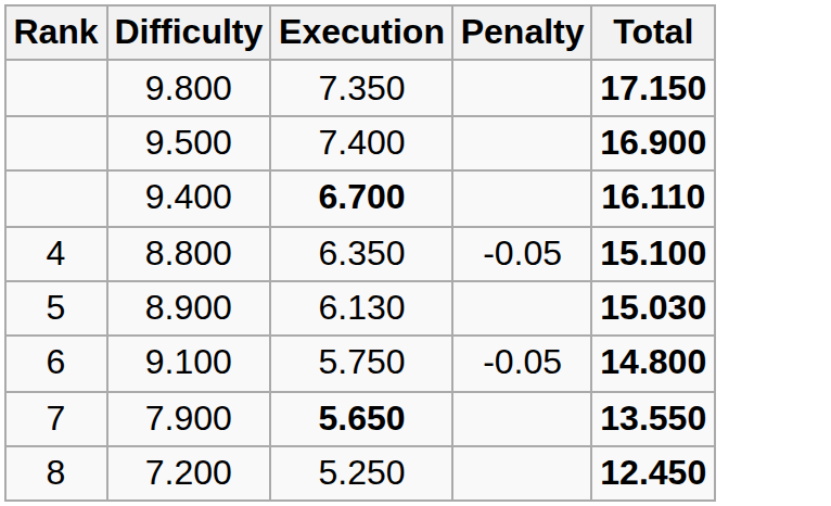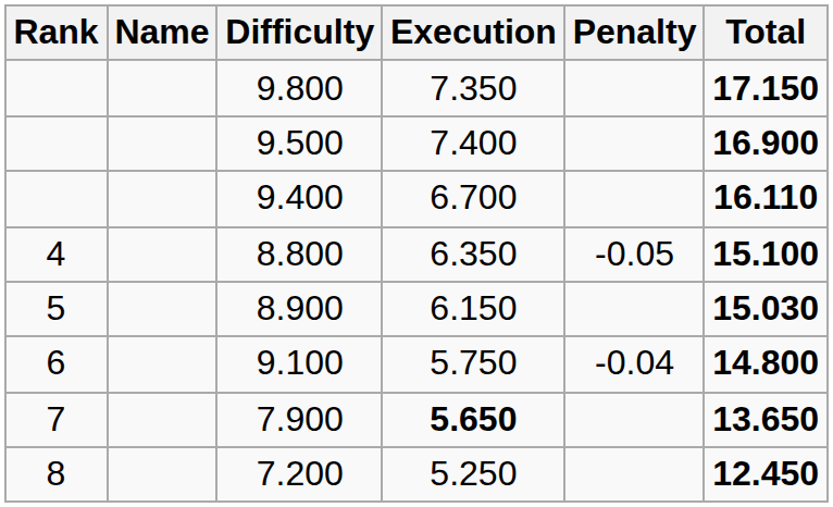 <table class="wikitable sortable" style="text-align:center">
 <tr>
 <th>Rank</th>
+<th>Name</th>
 <th>Difficulty</th>
 <th>Execution</th>
 <th>Penalty</th>
 <th>Total</th>
 </tr>
 <tr>
 <td></td>
+<td align="left"></td>
 <td>9.800</td>
 <td>7.350</td>
 <td></td>
 <td><strong>17.150</strong></td>
 </tr>
 <tr>
 <td></td>
+<td align="left"></td>
 <td>9.500</td>
 <td>7.400</td>
 <td></td>
 <td><strong>16.900</strong></td>
 </tr>
 <tr>
 <td></td>
+<td align="left"></td>
 <td>9.400</td>
-<td><strong>6.700</strong></td>
+<td>6.700</td>
 <td></td>
 <td><strong>16.110</strong></td>
 </tr>
 <tr>
 <td>4</td>
+<td align="left"></td>
 <td>8.800</td>
 <td>6.350</td>
 <td>-0.05</td>
 <td><strong>15.100</strong></td>
 </tr>
 <tr>
 <td>5</td>
+<td align="left"></td>
 <td>8.900</td>
-<td>6.130</td>
+<td>6.150</td>
 <td></td>
 <td><strong>15.030</strong></td>
 </tr>
 <tr>
 <td>6</td>
+<td align="left"></td>
 <td>9.100</td>
 <td>5.750</td>
-<td>-0.05</td>
+<td>-0.04</td>
 <td><strong>14.800</strong></td>
 </tr>
 <tr>
 <td>7</td>
+<td align="left"></td>
 <td>7.900</td>
 <td><strong>5.650</strong></td>
 <td></td>
-<td><strong>13.550</strong></td>
+<td><strong>13.650</strong></td>
 </tr>
 <tr>
 <td>8</td>
+<td align="left"></td>
 <td>7.200</td>
 <td>5.250</td>
 <td></td>
 <td><strong>12.450</strong></td>
 </tr>
 </table>
